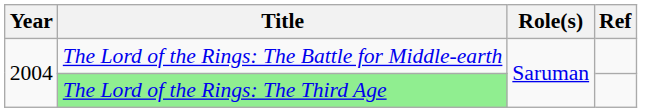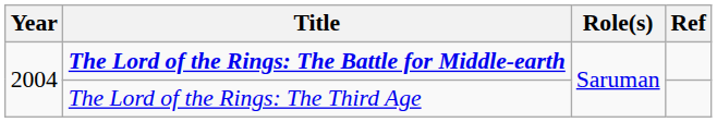 <table class="wikitable plainrowheaders sortable">
 <tr>
 <th scope="col">Year</th>
 <th scope="col">Title</th>
 <th scope="col">Role(s)</th>
 <th scope="col" class="unsortable">Ref</th>
 </tr>
 <tr>
 <td rowspan=2>2004</td>
-<td><em><a href='#'>The Lord of the Rings: The Battle for Middle-earth</a></em></td>
+<td><strong><em><a href='#'>The Lord of the Rings: The Battle for Middle-earth</a></em></strong></td>
 <td rowspan=2><a href='#'>Saruman</a></td>
 <td></td>
 </tr>
 <tr>
-<td style="background: lightgreen;"><em><a href='#'>The Lord of the Rings: The Third Age</a></em></td>
+<td><em><a href='#'>The Lord of the Rings: The Third Age</a></em></td>
 <td></td>
 </tr>
 </table>
